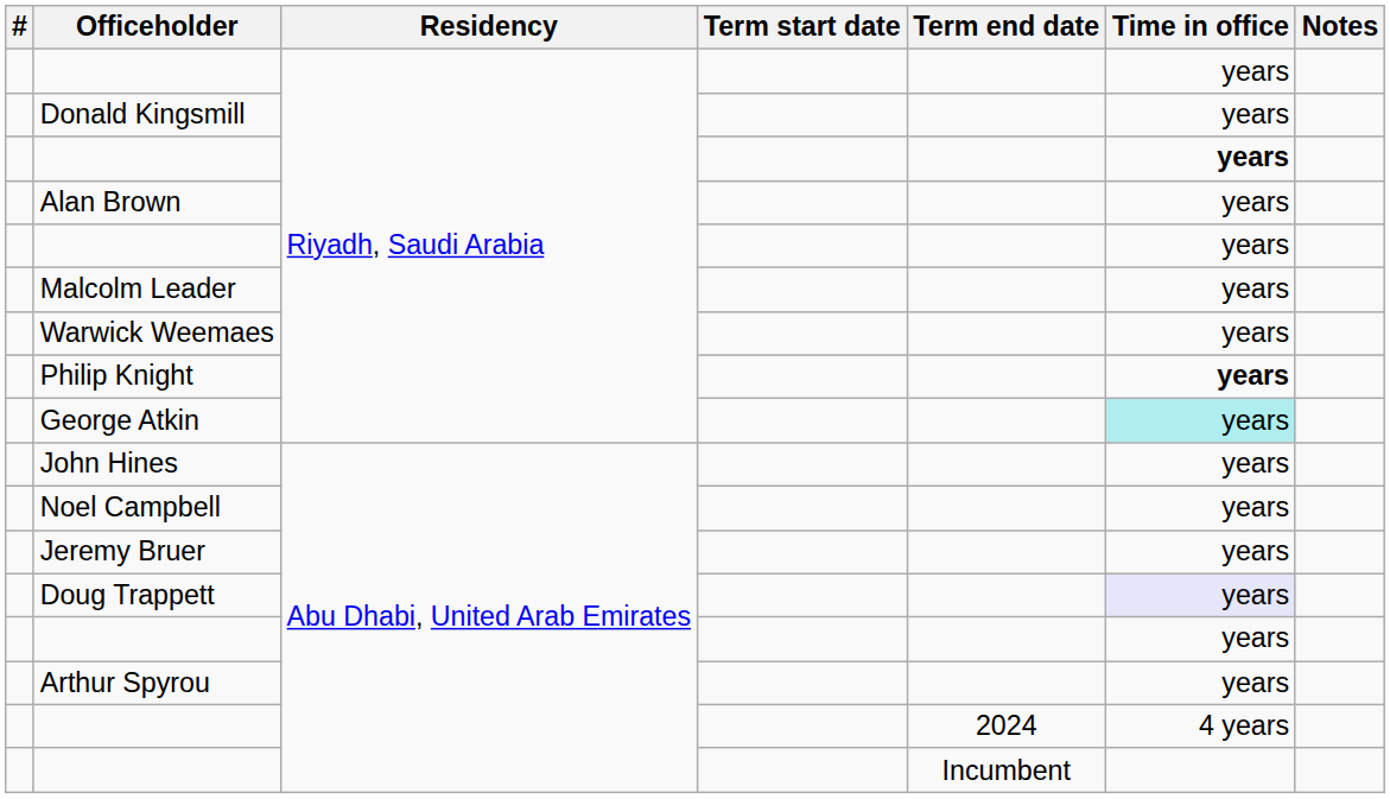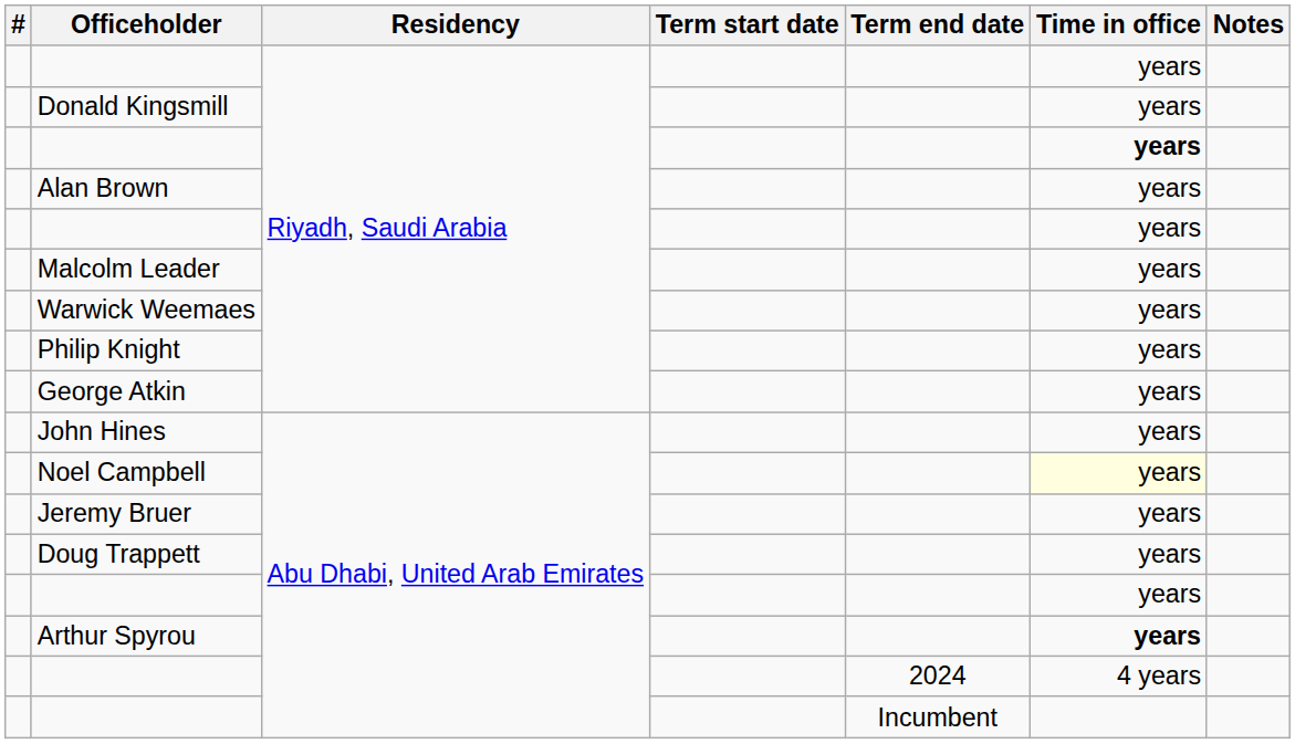 <table class='wikitable sortable'>
 <tr>
 <th>#</th>
 <th>Officeholder</th>
 <th>Residency</th>
 <th>Term start date</th>
 <th>Term end date</th>
 <th>Time in office</th>
 <th>Notes</th>
 </tr>
 <tr>
 <td align=center></td>
 <td></td>
 <td rowspan=9><a href='#'>Riyadh</a>, <a href='#'>Saudi Arabia</a></td>
 <td align=center></td>
 <td align=center></td>
 <td align=right> years</td>
 <td></td>
 </tr>
 <tr>
 <td align=center></td>
 <td>Donald Kingsmill</td>
 <td align=center></td>
 <td align=center></td>
 <td align=right> years</td>
 <td></td>
 </tr>
 <tr>
 <td align=center></td>
 <td></td>
 <td align=center></td>
 <td align=center></td>
 <td align=right><strong> years</strong></td>
 <td></td>
 </tr>
 <tr>
 <td align=center></td>
 <td>Alan Brown</td>
 <td align=center></td>
 <td align=center></td>
 <td align=right> years</td>
 <td></td>
 </tr>
 <tr>
 <td align=center></td>
 <td></td>
 <td align=center></td>
 <td align=center></td>
 <td align=right> years</td>
 <td></td>
 </tr>
 <tr>
 <td align=center></td>
 <td>Malcolm Leader</td>
 <td align=center></td>
 <td align=center></td>
 <td align=right> years</td>
 <td></td>
 </tr>
 <tr>
 <td align=center></td>
 <td>Warwick Weemaes</td>
 <td align=center></td>
 <td align=center></td>
 <td align=right> years</td>
 <td></td>
 </tr>
 <tr>
 <td align=center></td>
 <td>Philip Knight</td>
 <td align=center></td>
 <td align=center></td>
-<td align=right><strong> years</strong></td>
+<td align=right> years</td>
 <td></td>
 </tr>
 <tr>
 <td align=center></td>
 <td>George Atkin</td>
 <td align=center></td>
 <td align=center></td>
-<td align=right style="background: paleturquoise;"> years</td>
+<td align=right> years</td>
 <td></td>
 </tr>
 <tr>
 <td align=center></td>
 <td>John Hines</td>
 <td rowspan="8"><a href='#'>Abu Dhabi</a>, <a href='#'>United Arab Emirates</a></td>
 <td align=center></td>
 <td align=center></td>
 <td align=right> years</td>
 <td></td>
 </tr>
 <tr>
 <td align=center></td>
 <td>Noel Campbell</td>
 <td align=center></td>
 <td align=center></td>
-<td align=right> years</td>
+<td align=right style="background: lightyellow;"> years</td>
 <td></td>
 </tr>
 <tr>
 <td align=center></td>
 <td>Jeremy Bruer</td>
 <td align=center></td>
 <td align=center></td>
 <td align=right> years</td>
 <td></td>
 </tr>
 <tr>
 <td align=center></td>
 <td>Doug Trappett</td>
 <td align=center></td>
 <td align=center></td>
-<td align=right style="background: lavender;"> years</td>
+<td align=right> years</td>
 <td></td>
 </tr>
 <tr>
 <td align=center></td>
 <td></td>
 <td align=center></td>
 <td align=center></td>
 <td align=right> years</td>
 <td></td>
 </tr>
 <tr>
 <td align=center></td>
 <td>Arthur Spyrou</td>
 <td align=center></td>
 <td align=center></td>
-<td align=right> years</td>
+<td align=right><strong> years</strong></td>
 <td></td>
 </tr>
 <tr>
 <td align=center></td>
 <td></td>
 <td align=center></td>
 <td align=center>2024</td>
 <td align=right>4 years</td>
 <td></td>
 </tr>
 <tr>
 <td align=center></td>
 <td></td>
 <td align=center></td>
 <td align=center>Incumbent</td>
 <td align=right></td>
 <td></td>
 </tr>
 </table>
